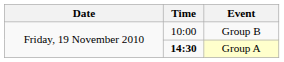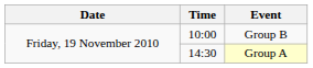 <table class = "wikitable" style="text-align:center;">
 <tr>
 <th width=220>Date</th>
 <th width=50>Time</th>
 <th width=100>Event</th>
 </tr>
 <tr>
 <td rowspan=2>Friday, 19 November 2010</td>
 <td>10:00</td>
 <td>Group B</td>
 </tr>
 <tr>
-<td><strong>14:30</strong></td>
+<td>14:30</td>
 <td bgcolor=ffffcc>Group A</td>
 </tr>
 </table>
